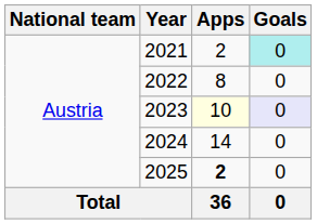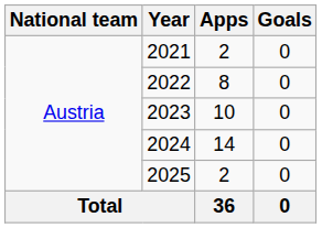 <table class="wikitable" style="text-align:center">
 <tr>
 <th>National team</th>
 <th>Year</th>
 <th>Apps</th>
 <th>Goals</th>
 </tr>
 <tr>
 <td rowspan="5"><a href='#'>Austria</a></td>
 <td>2021</td>
 <td>2</td>
-<td style="background: paleturquoise;">0</td>
+<td>0</td>
 </tr>
 <tr>
 <td>2022</td>
 <td>8</td>
 <td>0</td>
 </tr>
 <tr>
 <td>2023</td>
-<td style="background: lightyellow;">10</td>
-<td style="background: lavender;">0</td>
+<td>10</td>
+<td>0</td>
 </tr>
 <tr>
 <td>2024</td>
 <td>14</td>
 <td>0</td>
 </tr>
 <tr>
 <td>2025</td>
-<td><strong>2</strong></td>
+<td>2</td>
 <td>0</td>
 </tr>
 <tr>
 <th colspan="2">Total</th>
 <th>36</th>
 <th>0</th>
 </tr>
 </table>
